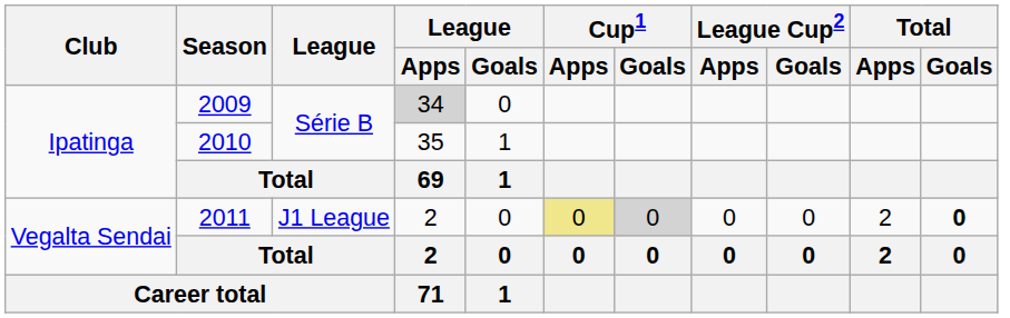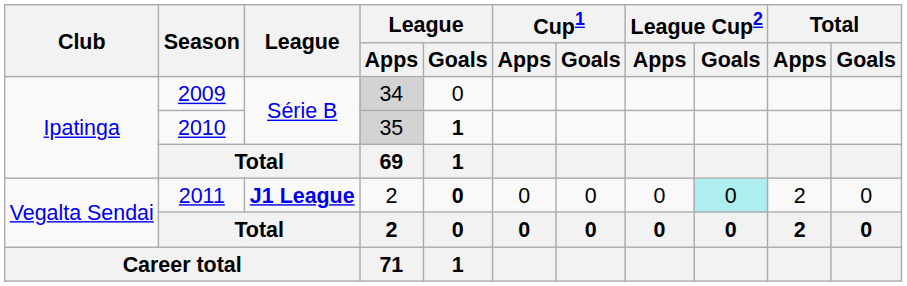 <table class="wikitable" style="font-size:95%; text-align:center;">
 <tr>
 <th rowspan=2>Club</th>
 <th rowspan=2>Season</th>
 <th rowspan=2>League</th>
 <th colspan=2>League</th>
 <th colspan=2>Cup<sup><a href='#'>1</a></sup></th>
 <th colspan=2>League Cup<sup><a href='#'>2</a></sup></th>
 <th colspan=2>Total</th>
 </tr>
 <tr>
 <th>Apps</th>
 <th>Goals</th>
 <th>Apps</th>
 <th>Goals</th>
 <th>Apps</th>
 <th>Goals</th>
 <th>Apps</th>
 <th>Goals</th>
 </tr>
 <tr>
 <td rowspan=3><a href='#'>Ipatinga</a></td>
 <td><a href='#'>2009</a></td>
 <td rowspan=2 valign="center"><a href='#'>Série B</a></td>
 <td style="background: lightgrey;">34</td>
 <td>0</td>
 <td></td>
 <td></td>
 <td></td>
 <td></td>
 <td></td>
 <td></td>
 </tr>
 <tr>
 <td><a href='#'>2010</a></td>
-<td>35</td>
-<td>1</td>
+<td style="background: lightgrey;">35</td>
+<td><strong>1</strong></td>
 <td></td>
 <td></td>
 <td></td>
 <td></td>
 <td></td>
 <td></td>
 </tr>
 <tr>
 <th colspan=2>Total</th>
 <th>69</th>
 <th>1</th>
 <th></th>
 <th></th>
 <th></th>
 <th></th>
 <th></th>
 <th></th>
 </tr>
 <tr>
 <td rowspan=2><a href='#'>Vegalta Sendai</a></td>
 <td><a href='#'>2011</a></td>
-<td><a href='#'>J1 League</a></td>
+<td><strong><a href='#'>J1 League</a></strong></td>
+<td>2</td>
+<td><strong>0</strong></td>
+<td>0</td>
+<td>0</td>
+<td>0</td>
+<td style="background: paleturquoise;">0</td>
 <td>2</td>
 <td>0</td>
-<td style="background: khaki;">0</td>
-<td style="background: lightgrey;">0</td>
-<td>0</td>
-<td>0</td>
-<td>2</td>
-<td><strong>0</strong></td>
 </tr>
 <tr>
 <th colspan=2>Total</th>
 <th>2</th>
 <th>0</th>
 <th>0</th>
 <th>0</th>
 <th>0</th>
 <th>0</th>
 <th>2</th>
 <th>0</th>
 </tr>
 <tr>
 <th colspan=3>Career total</th>
 <th>71</th>
 <th>1</th>
 <th></th>
 <th></th>
 <th></th>
 <th></th>
 <th></th>
 <th></th>
 </tr>
 </table>
